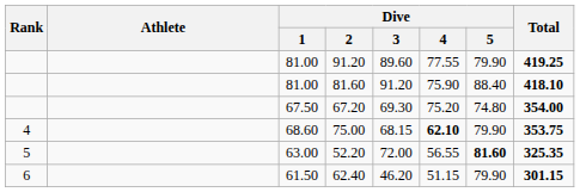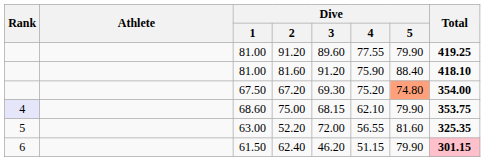 <table class=wikitable style="text-align:center">
 <tr>
 <th rowspan="2" width=40>Rank</th>
 <th rowspan="2" width=250>Athlete</th>
 <th colspan="5">Dive</th>
 <th rowspan="2" width=60>Total</th>
 </tr>
 <tr>
 <th width=45>1</th>
 <th width=45>2</th>
 <th width=45>3</th>
 <th width=45>4</th>
 <th width=45>5</th>
 </tr>
 <tr>
 <td></td>
 <td align=left></td>
 <td>81.00</td>
 <td>91.20</td>
 <td>89.60</td>
 <td>77.55</td>
 <td>79.90</td>
 <td><strong>419.25</strong></td>
 </tr>
 <tr>
 <td></td>
 <td align=left></td>
 <td>81.00</td>
 <td>81.60</td>
 <td>91.20</td>
 <td>75.90</td>
 <td>88.40</td>
 <td><strong>418.10</strong></td>
 </tr>
 <tr>
 <td></td>
 <td align=left></td>
 <td>67.50</td>
 <td>67.20</td>
 <td>69.30</td>
 <td>75.20</td>
-<td>74.80</td>
+<td style="background: lightsalmon;">74.80</td>
 <td><strong>354.00</strong></td>
 </tr>
 <tr>
-<td>4</td>
+<td style="background: lavender;">4</td>
 <td align=left></td>
 <td>68.60</td>
 <td>75.00</td>
 <td>68.15</td>
-<td><strong>62.10</strong></td>
+<td>62.10</td>
 <td>79.90</td>
 <td><strong>353.75</strong></td>
 </tr>
 <tr>
 <td>5</td>
 <td align=left></td>
 <td>63.00</td>
 <td>52.20</td>
 <td>72.00</td>
 <td>56.55</td>
-<td><strong>81.60</strong></td>
+<td>81.60</td>
 <td><strong>325.35</strong></td>
 </tr>
 <tr>
 <td>6</td>
 <td align=left></td>
 <td>61.50</td>
 <td>62.40</td>
 <td>46.20</td>
 <td>51.15</td>
 <td>79.90</td>
-<td><strong>301.15</strong></td>
+<td style="background: pink;"><strong>301.15</strong></td>
 </tr>
 </table>
